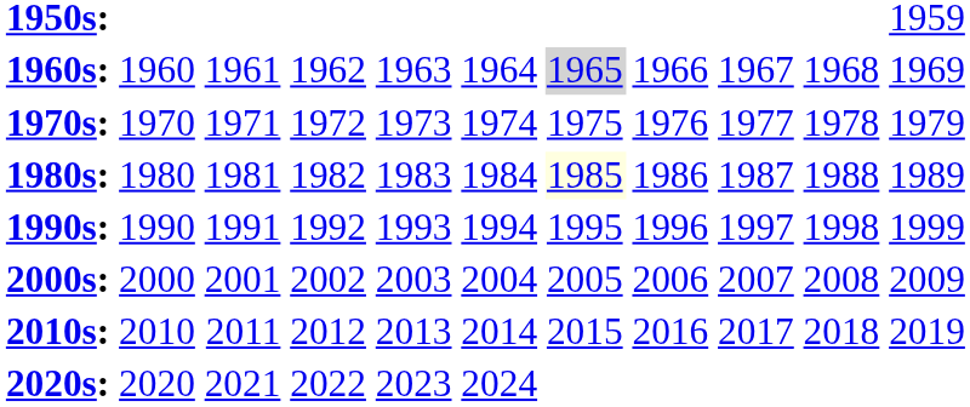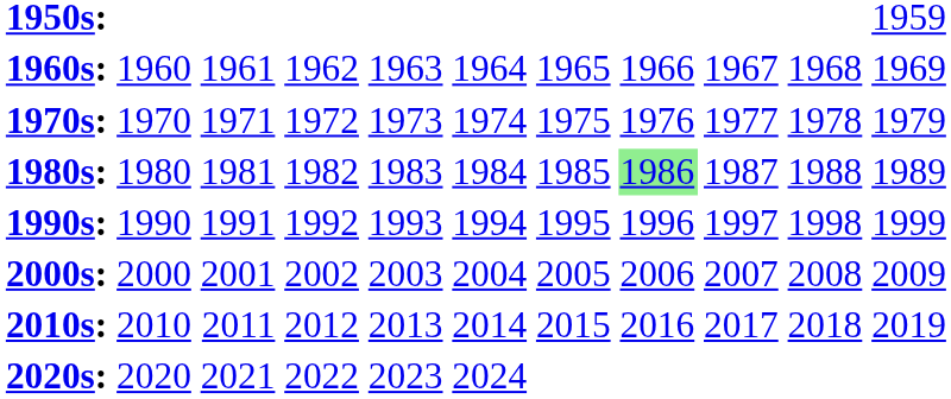 <table id="toc" class="toc" summary="Class" style="text-align:right;">
 <tr>
 <td scope="col"><strong><a href='#'>1950s</a>:</strong></td>
 <td scope="col"></td>
 <td scope="col"></td>
 <td scope="col"></td>
 <td scope="col"></td>
 <td scope="col"></td>
 <td scope="col"></td>
 <td scope="col"></td>
 <td scope="col"></td>
 <td scope="col"></td>
 <td scope="col"><a href='#'>1959</a></td>
 </tr>
 <tr>
 <td scope="row"><strong><a href='#'>1960s</a>:</strong></td>
 <td><a href='#'>1960</a></td>
 <td><a href='#'>1961</a></td>
 <td><a href='#'>1962</a></td>
 <td><a href='#'>1963</a></td>
 <td><a href='#'>1964</a></td>
-<td style="background: lightgrey;"><a href='#'>1965</a></td>
+<td><a href='#'>1965</a></td>
 <td><a href='#'>1966</a></td>
 <td><a href='#'>1967</a></td>
 <td><a href='#'>1968</a></td>
 <td><a href='#'>1969</a></td>
 </tr>
 <tr>
 <td scope="row"><strong><a href='#'>1970s</a>:</strong></td>
 <td><a href='#'>1970</a></td>
 <td><a href='#'>1971</a></td>
 <td><a href='#'>1972</a></td>
 <td><a href='#'>1973</a></td>
 <td><a href='#'>1974</a></td>
 <td><a href='#'>1975</a></td>
 <td><a href='#'>1976</a></td>
 <td><a href='#'>1977</a></td>
 <td><a href='#'>1978</a></td>
 <td><a href='#'>1979</a></td>
 </tr>
 <tr>
 <td scope="row"><strong><a href='#'>1980s</a>:</strong></td>
 <td><a href='#'>1980</a></td>
 <td><a href='#'>1981</a></td>
 <td><a href='#'>1982</a></td>
 <td><a href='#'>1983</a></td>
 <td><a href='#'>1984</a></td>
-<td style="background: lightyellow;"><a href='#'>1985</a></td>
-<td><a href='#'>1986</a></td>
+<td><a href='#'>1985</a></td>
+<td style="background: lightgreen;"><a href='#'>1986</a></td>
 <td><a href='#'>1987</a></td>
 <td><a href='#'>1988</a></td>
 <td><a href='#'>1989</a></td>
 </tr>
 <tr>
 <td scope="row"><strong><a href='#'>1990s</a>:</strong></td>
 <td><a href='#'>1990</a></td>
 <td><a href='#'>1991</a></td>
 <td><a href='#'>1992</a></td>
 <td><a href='#'>1993</a></td>
 <td><a href='#'>1994</a></td>
 <td><a href='#'>1995</a></td>
 <td><a href='#'>1996</a></td>
 <td><a href='#'>1997</a></td>
 <td><a href='#'>1998</a></td>
 <td><a href='#'>1999</a></td>
 </tr>
 <tr>
 <td scope="row"><strong><a href='#'>2000s</a>:</strong></td>
 <td><a href='#'>2000</a></td>
 <td><a href='#'>2001</a></td>
 <td><a href='#'>2002</a></td>
 <td><a href='#'>2003</a></td>
 <td><a href='#'>2004</a></td>
 <td><a href='#'>2005</a></td>
 <td><a href='#'>2006</a></td>
 <td><a href='#'>2007</a></td>
 <td><a href='#'>2008</a></td>
 <td><a href='#'>2009</a></td>
 </tr>
 <tr>
 <td scope="row"><strong><a href='#'>2010s</a>:</strong></td>
 <td><a href='#'>2010</a></td>
 <td><a href='#'>2011</a></td>
 <td><a href='#'>2012</a></td>
 <td><a href='#'>2013</a></td>
 <td><a href='#'>2014</a></td>
 <td><a href='#'>2015</a></td>
 <td><a href='#'>2016</a></td>
 <td><a href='#'>2017</a></td>
 <td><a href='#'>2018</a></td>
 <td><a href='#'>2019</a></td>
 </tr>
 <tr>
 <td scope="row" style="text-align:left"><strong><a href='#'>2020s</a>:</strong></td>
 <td><a href='#'>2020</a></td>
 <td><a href='#'>2021</a></td>
 <td><a href='#'>2022</a></td>
 <td><a href='#'>2023</a></td>
 <td><a href='#'>2024</a></td>
 </tr>
 </table>
